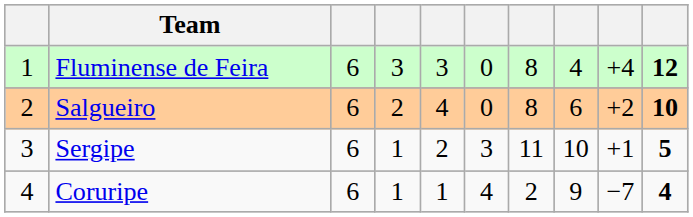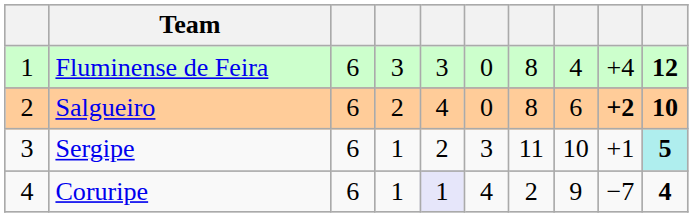 <table class="wikitable" style="text-align: center;">
 <tr>
 <th width=20></th>
 <th width=165>Team</th>
 <th width=20></th>
 <th width=20></th>
 <th width=20></th>
 <th width=20></th>
 <th width=20></th>
 <th width=20></th>
 <th width=20></th>
 <th width=20></th>
 </tr>
 <tr bgcolor=#ccffcc>
 <td>1</td>
 <td align=left> <a href='#'>Fluminense de Feira</a></td>
 <td>6</td>
 <td>3</td>
 <td>3</td>
 <td>0</td>
 <td>8</td>
 <td>4</td>
 <td>+4</td>
 <td><strong>12</strong></td>
 </tr>
 <tr bgcolor=#ffcc99>
 <td>2</td>
 <td align=left> <a href='#'>Salgueiro</a></td>
 <td>6</td>
 <td>2</td>
 <td>4</td>
 <td>0</td>
 <td>8</td>
 <td>6</td>
-<td>+2</td>
+<td><strong>+2</strong></td>
 <td><strong>10</strong></td>
 </tr>
 <tr>
 <td>3</td>
 <td align=left> <a href='#'>Sergipe</a></td>
 <td>6</td>
 <td>1</td>
 <td>2</td>
 <td>3</td>
 <td>11</td>
 <td>10</td>
 <td>+1</td>
-<td><strong>5</strong></td>
+<td style="background: paleturquoise;"><strong>5</strong></td>
 </tr>
 <tr>
 <td>4</td>
 <td align=left> <a href='#'>Coruripe</a></td>
 <td>6</td>
 <td>1</td>
-<td>1</td>
+<td style="background: lavender;">1</td>
 <td>4</td>
 <td>2</td>
 <td>9</td>
 <td>−7</td>
 <td><strong>4</strong></td>
 </tr>
 </table>
